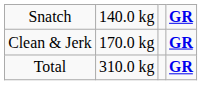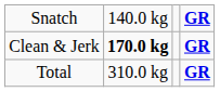 <table class = "wikitable" style="text-align:center;">
 <tr>
 <td>Snatch</td>
 <td>140.0 kg</td>
 <td align=left></td>
 <td><strong><a href='#'>GR</a></strong></td>
 </tr>
 <tr>
 <td>Clean & Jerk</td>
-<td>170.0 kg</td>
+<td><strong>170.0 kg</strong></td>
 <td align=left></td>
 <td><strong><a href='#'>GR</a></strong></td>
 </tr>
 <tr>
 <td>Total</td>
 <td>310.0 kg</td>
 <td align=left></td>
 <td><strong><a href='#'>GR</a></strong></td>
 </tr>
 </table>
